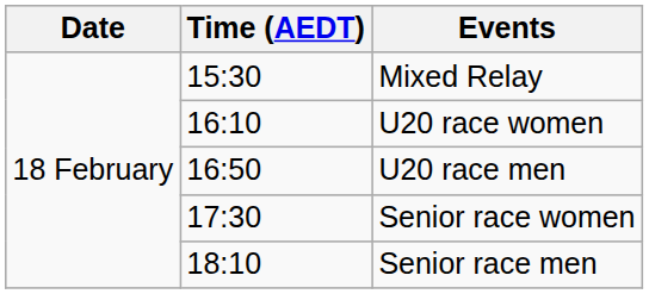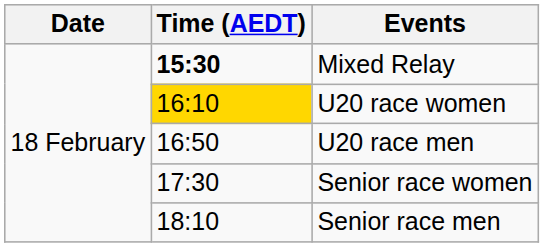 <table class="wikitable">
 <tr>
 <th>Date</th>
 <th>Time (<a href='#'>AEDT</a>)</th>
 <th>Events</th>
 </tr>
 <tr>
 <td rowspan=5>18 February</td>
-<td>15:30</td>
+<td><strong>15:30</strong></td>
 <td>Mixed Relay</td>
 </tr>
 <tr>
-<td>16:10</td>
+<td style="background: gold;">16:10</td>
 <td>U20 race women</td>
 </tr>
 <tr>
 <td>16:50</td>
 <td>U20 race men</td>
 </tr>
 <tr>
 <td>17:30</td>
 <td>Senior race women</td>
 </tr>
 <tr>
 <td>18:10</td>
 <td>Senior race men</td>
 </tr>
 </table>
